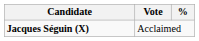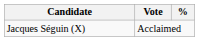 <table class="wikitable">
 <tr>
 <th bgcolor="#DDDDFF" width="200px">Candidate</th>
 <th bgcolor="#DDDDFF" width="50px">Vote</th>
 <th bgcolor="#DDDDFF" width="30px">%</th>
 </tr>
 <tr>
-<td><strong>Jacques Séguin (X)</strong></td>
+<td>Jacques Séguin (X)</td>
 <td colspan="2">Acclaimed</td>
 </tr>
 </table>
